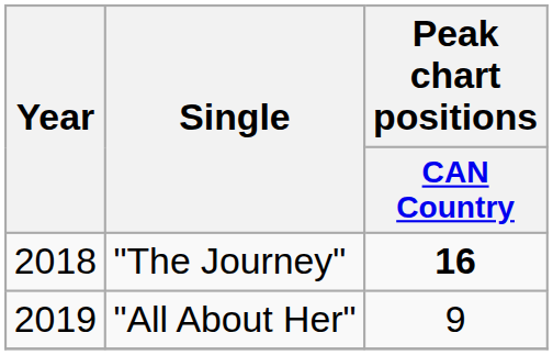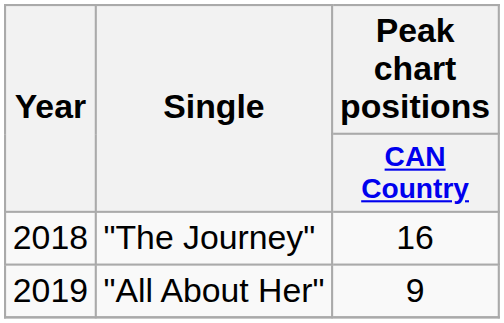 <table class="wikitable" style="text-align:center;">
 <tr>
 <th rowspan="2">Year</th>
 <th rowspan="2">Single</th>
 <th colspan="1">Peak chart<br>positions</th>
 </tr>
 <tr style="font-size:smaller;">
 <th width="45"><a href='#'>CAN Country</a><br></th>
 </tr>
 <tr>
 <td>2018</td>
 <td align="left">"The Journey"</td>
-<td><strong>16</strong></td>
+<td>16</td>
 </tr>
 <tr>
 <td>2019</td>
 <td align="left">"All About Her"</td>
 <td>9</td>
 </tr>
 <tr>
 </tr>
 </table>
